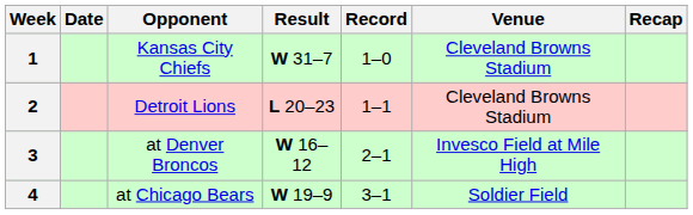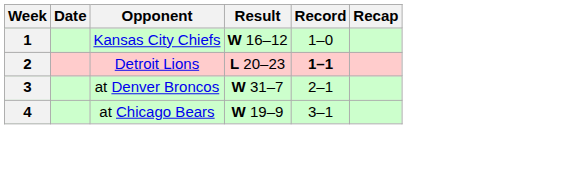 <table class="wikitable" style="text-align:center">
 <tr>
 <th>Week</th>
 <th>Date</th>
 <th>Opponent</th>
 <th>Result</th>
 <th>Record</th>
-<th>Venue</th>
 <th>Recap</th>
 </tr>
 <tr style="background:#cfc">
 <th>1</th>
 <td></td>
 <td><a href='#'>Kansas City Chiefs</a></td>
-<td><strong>W</strong> 31–7</td>
+<td><strong>W</strong> 16–12</td>
 <td>1–0</td>
-<td><a href='#'>Cleveland Browns Stadium</a></td>
 <td></td>
 </tr>
 <tr style="background:#fcc">
 <th>2</th>
 <td></td>
 <td><a href='#'>Detroit Lions</a></td>
 <td><strong>L</strong> 20–23</td>
-<td>1–1</td>
-<td>Cleveland Browns Stadium</td>
+<td><strong>1–1</strong></td>
 <td></td>
 </tr>
 <tr style="background:#cfc">
 <th>3</th>
 <td></td>
 <td>at <a href='#'>Denver Broncos</a></td>
-<td><strong>W</strong> 16–12</td>
+<td><strong>W</strong> 31–7</td>
 <td>2–1</td>
-<td><a href='#'>Invesco Field at Mile High</a></td>
 <td></td>
 </tr>
 <tr style="background:#cfc">
 <th>4</th>
 <td></td>
 <td>at <a href='#'>Chicago Bears</a></td>
 <td><strong>W</strong> 19–9</td>
 <td>3–1</td>
-<td><a href='#'>Soldier Field</a></td>
 <td></td>
 </tr>
 </table>
